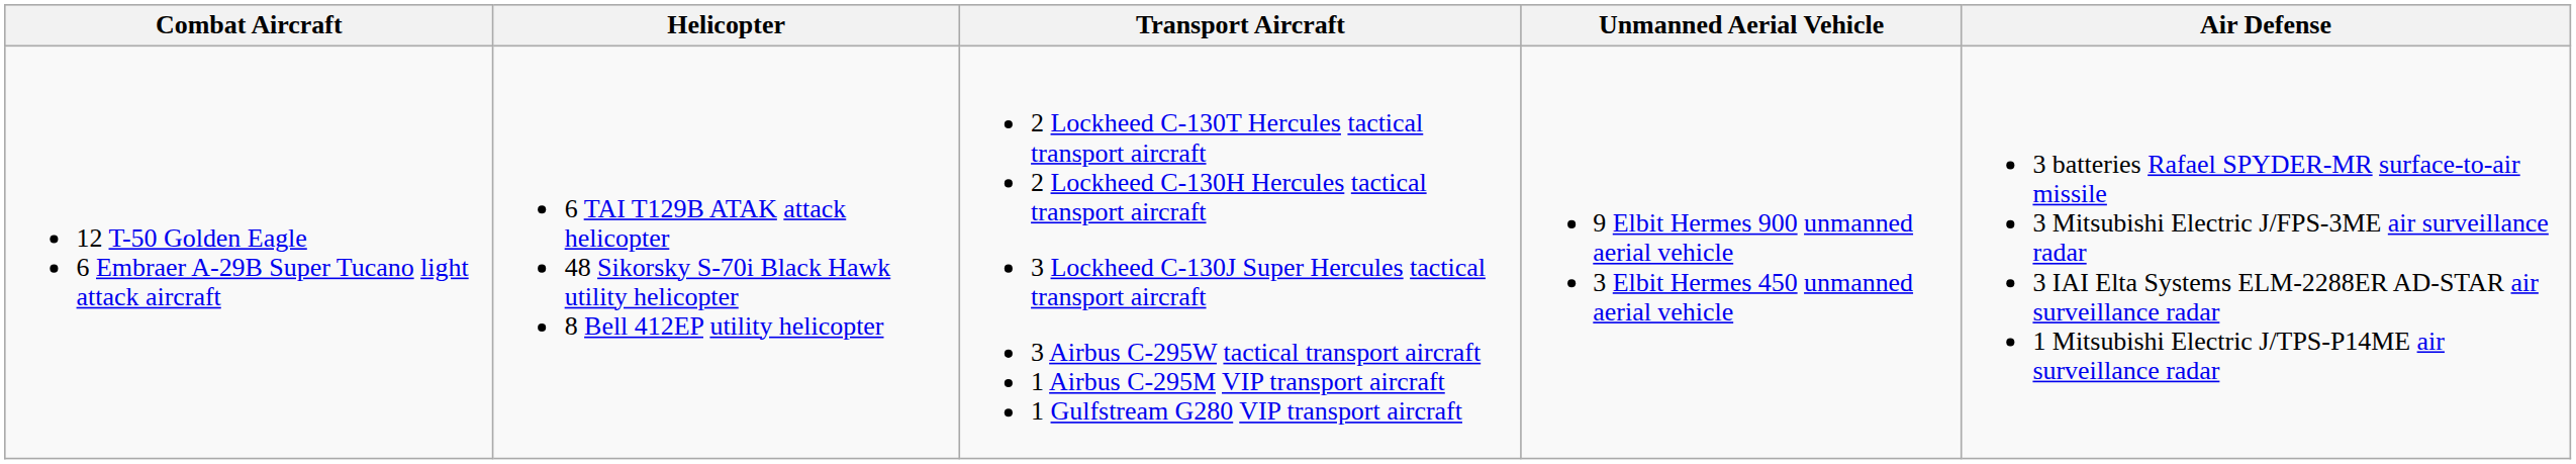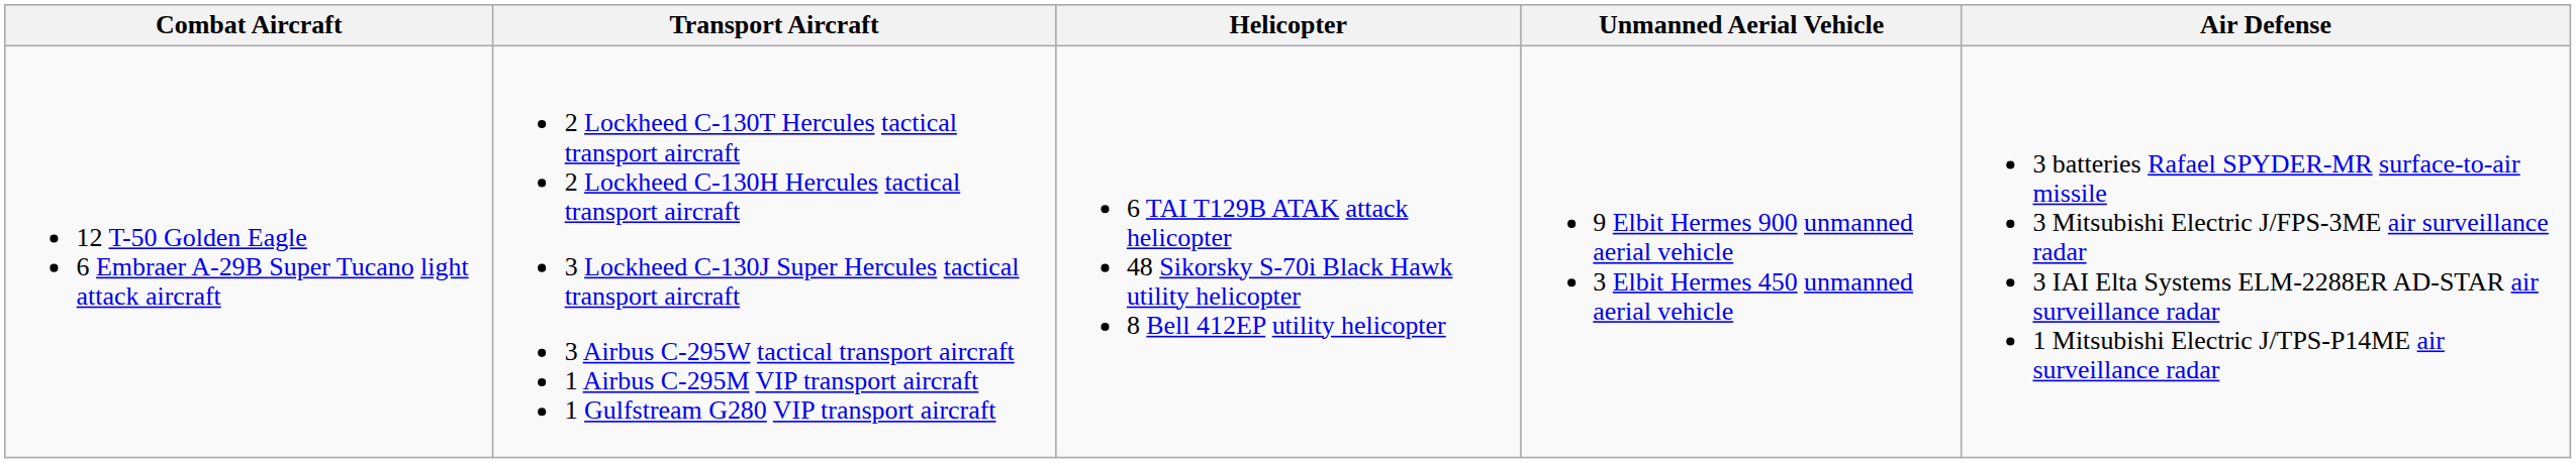 <table class="wikitable">
 <tr>
 <th>Combat Aircraft</th>
+<th>Transport Aircraft</th>
 <th>Helicopter</th>
-<th>Transport Aircraft</th>
 <th>Unmanned Aerial Vehicle</th>
 <th>Air Defense</th>
 </tr>
 <tr>
 <td><br><ul><li>12 <a href='#'>T-50 Golden Eagle</a></li><li>6 <a href='#'>Embraer A-29B Super Tucano</a> <a href='#'>light attack aircraft</a></li></ul></td>
+<td><br><ul><li>2 <a href='#'>Lockheed C-130T Hercules</a> <a href='#'>tactical transport aircraft</a></li><li>2 <a href='#'>Lockheed C-130H Hercules</a> <a href='#'>tactical transport aircraft</a></li></ul><ul><li>3 <a href='#'>Lockheed C-130J Super Hercules</a> <a href='#'>tactical transport aircraft</a></li></ul><ul><li>3 <a href='#'>Airbus C-295W</a> <a href='#'>tactical transport aircraft</a></li><li>1 <a href='#'>Airbus C-295M</a> <a href='#'>VIP transport aircraft</a></li><li>1 <a href='#'>Gulfstream G280</a> <a href='#'>VIP transport aircraft</a></li></ul></td>
 <td><br><ul><li>6 <a href='#'>TAI T129B ATAK</a> <a href='#'>attack helicopter</a></li><li>48 <a href='#'>Sikorsky S-70i Black Hawk</a> <a href='#'>utility helicopter</a></li><li>8 <a href='#'>Bell 412EP</a> <a href='#'>utility helicopter</a></li></ul></td>
-<td><br><ul><li>2 <a href='#'>Lockheed C-130T Hercules</a> <a href='#'>tactical transport aircraft</a></li><li>2 <a href='#'>Lockheed C-130H Hercules</a> <a href='#'>tactical transport aircraft</a></li></ul><ul><li>3 <a href='#'>Lockheed C-130J Super Hercules</a> <a href='#'>tactical transport aircraft</a></li></ul><ul><li>3 <a href='#'>Airbus C-295W</a> <a href='#'>tactical transport aircraft</a></li><li>1 <a href='#'>Airbus C-295M</a> <a href='#'>VIP transport aircraft</a></li><li>1 <a href='#'>Gulfstream G280</a> <a href='#'>VIP transport aircraft</a></li></ul></td>
 <td><br><ul><li>9 <a href='#'>Elbit Hermes 900</a> <a href='#'>unmanned aerial vehicle</a></li><li>3 <a href='#'>Elbit Hermes 450</a> <a href='#'>unmanned aerial vehicle</a></li></ul></td>
 <td><br><ul><li>3 batteries <a href='#'>Rafael SPYDER-MR</a> <a href='#'>surface-to-air missile</a></li><li>3 Mitsubishi Electric J/FPS-3ME <a href='#'>air surveillance radar</a></li><li>3 IAI Elta Systems ELM-2288ER AD-STAR <a href='#'>air surveillance radar</a></li><li>1 Mitsubishi Electric J/TPS-P14ME <a href='#'>air surveillance radar</a></li></ul></td>
 </tr>
 </table>
